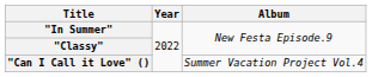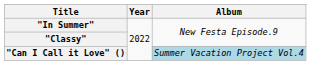 <table class="wikitable plainrowheaders" style="text-align:center">
 <tr>
 <th scope="col">Title</th>
 <th scope="col">Year</th>
 <th scope="col">Album</th>
 </tr>
 <tr>
 <th scope="row">"In Summer"</th>
 <td rowspan="3">2022</td>
 <td rowspan="2"><em>New Festa Episode.9</em></td>
 </tr>
 <tr>
 <th scope="row">"Classy"</th>
 </tr>
 <tr>
 <th scope="row">"Can I Call it Love" ()</th>
-<td><em>Summer Vacation Project Vol.4</em></td>
+<td style="background: lightblue;"><em>Summer Vacation Project Vol.4</em></td>
 </tr>
 </table>
